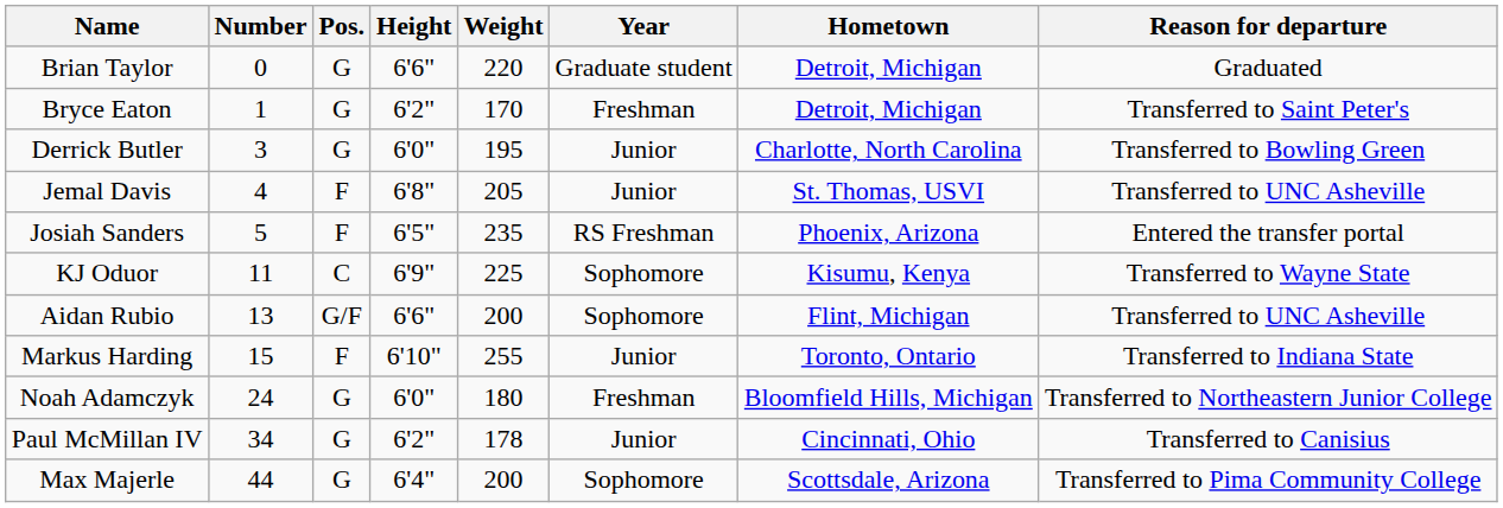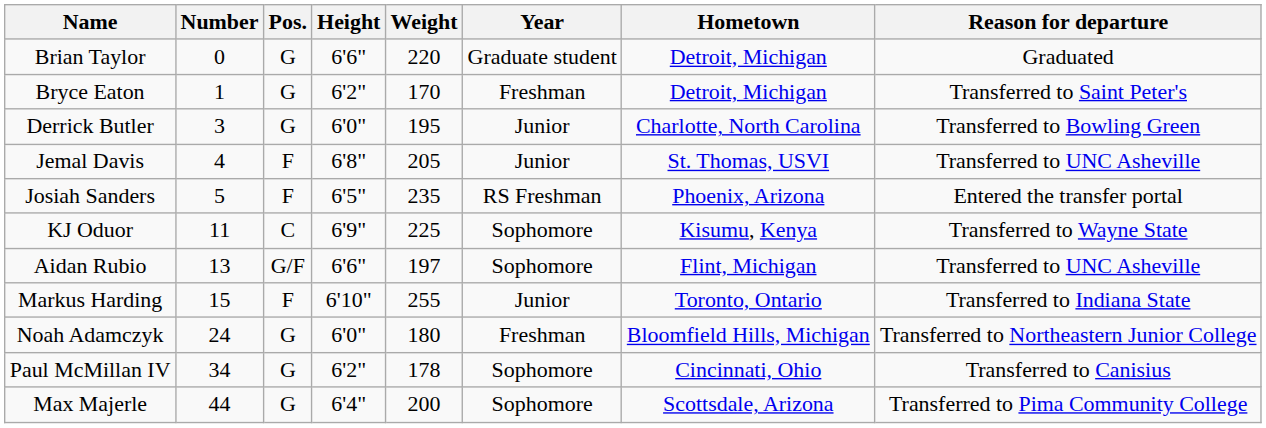 <table class="wikitable sortable" style="text-align:center">
 <tr align=center>
 <th>Name</th>
 <th>Number</th>
 <th>Pos.</th>
 <th>Height</th>
 <th>Weight</th>
 <th>Year</th>
 <th>Hometown</th>
 <th class="unsortable">Reason for departure</th>
 </tr>
 <tr>
 <td>Brian Taylor</td>
 <td>0</td>
 <td>G</td>
 <td>6'6"</td>
 <td>220</td>
 <td>Graduate student</td>
 <td><a href='#'>Detroit, Michigan</a></td>
 <td>Graduated</td>
 </tr>
 <tr>
 <td>Bryce Eaton</td>
 <td>1</td>
 <td>G</td>
 <td>6'2"</td>
 <td>170</td>
 <td>Freshman</td>
 <td><a href='#'>Detroit, Michigan</a></td>
 <td>Transferred to <a href='#'>Saint Peter's</a></td>
 </tr>
 <tr>
 <td>Derrick Butler</td>
 <td>3</td>
 <td>G</td>
 <td>6'0"</td>
 <td>195</td>
 <td>Junior</td>
 <td><a href='#'>Charlotte, North Carolina</a></td>
 <td>Transferred to <a href='#'>Bowling Green</a></td>
 </tr>
 <tr>
 <td>Jemal Davis</td>
 <td>4</td>
 <td>F</td>
 <td>6'8"</td>
 <td>205</td>
 <td>Junior</td>
 <td><a href='#'>St. Thomas, USVI</a></td>
 <td>Transferred to <a href='#'>UNC Asheville</a></td>
 </tr>
 <tr>
 <td>Josiah Sanders</td>
 <td>5</td>
 <td>F</td>
 <td>6'5"</td>
 <td>235</td>
 <td>RS Freshman</td>
 <td><a href='#'>Phoenix, Arizona</a></td>
 <td>Entered the transfer portal</td>
 </tr>
 <tr>
 <td>KJ Oduor</td>
 <td>11</td>
 <td>C</td>
 <td>6'9"</td>
 <td>225</td>
 <td>Sophomore</td>
 <td><a href='#'>Kisumu</a>, <a href='#'>Kenya</a></td>
 <td>Transferred to <a href='#'>Wayne State</a></td>
 </tr>
 <tr>
 <td>Aidan Rubio</td>
 <td>13</td>
 <td>G/F</td>
 <td>6'6"</td>
-<td>200</td>
+<td>197</td>
 <td>Sophomore</td>
 <td><a href='#'>Flint, Michigan</a></td>
 <td>Transferred to <a href='#'>UNC Asheville</a></td>
 </tr>
 <tr>
 <td>Markus Harding</td>
 <td>15</td>
 <td>F</td>
 <td>6'10"</td>
 <td>255</td>
 <td>Junior</td>
 <td><a href='#'>Toronto, Ontario</a></td>
 <td>Transferred to <a href='#'>Indiana State</a></td>
 </tr>
 <tr>
 <td>Noah Adamczyk</td>
 <td>24</td>
 <td>G</td>
 <td>6'0"</td>
 <td>180</td>
 <td>Freshman</td>
 <td><a href='#'>Bloomfield Hills, Michigan</a></td>
 <td>Transferred to <a href='#'>Northeastern Junior College</a></td>
 </tr>
 <tr>
 <td>Paul McMillan IV</td>
 <td>34</td>
 <td>G</td>
 <td>6'2"</td>
 <td>178</td>
-<td>Junior</td>
+<td>Sophomore</td>
 <td><a href='#'>Cincinnati, Ohio</a></td>
 <td>Transferred to <a href='#'>Canisius</a></td>
 </tr>
 <tr>
 <td>Max Majerle</td>
 <td>44</td>
 <td>G</td>
 <td>6'4"</td>
 <td>200</td>
 <td>Sophomore</td>
 <td><a href='#'>Scottsdale, Arizona</a></td>
 <td>Transferred to <a href='#'>Pima Community College</a></td>
 </tr>
 </table>
